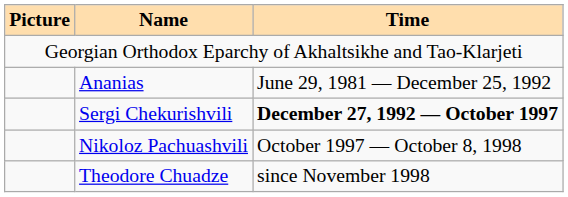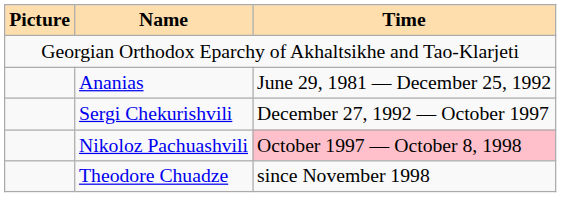 <table align="center" class="wikitable">
 <tr>
 <th style=background:#FFDEAD;>Picture</th>
 <th style=background:#FFDEAD;>Name</th>
 <th style=background:#FFDEAD;>Time</th>
 </tr>
 <tr>
 <td colspan=4 style="text-align:center;">Georgian Orthodox Eparchy of Akhaltsikhe and Tao-Klarjeti</td>
 </tr>
 <tr>
 <td></td>
 <td><a href='#'>Ananias</a></td>
 <td>June 29, 1981 — December 25, 1992</td>
 </tr>
 <tr>
 <td></td>
 <td><a href='#'>Sergi Chekurishvili</a></td>
-<td><strong>December 27, 1992 — October 1997</strong></td>
+<td>December 27, 1992 — October 1997</td>
 </tr>
 <tr>
 <td></td>
 <td><a href='#'>Nikoloz Pachuashvili</a></td>
-<td>October 1997 — October 8, 1998</td>
+<td style="background: pink;">October 1997 — October 8, 1998</td>
 </tr>
 <tr>
 <td></td>
 <td><a href='#'>Theodore Chuadze</a></td>
 <td>since November 1998</td>
 </tr>
 </table>
